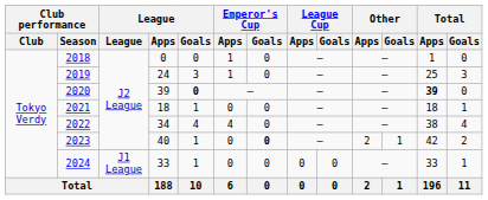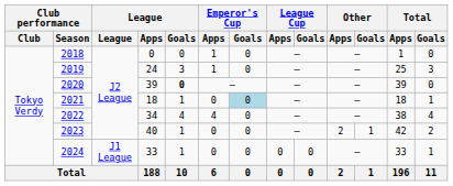 <table class="wikitable" style="text-align:center;">
 <tr>
 <th colspan="2">Club performance</th>
 <th colspan="3">League</th>
 <th colspan=2><a href='#'>Emperor's Cup</a></th>
 <th colspan=2><a href='#'>League Cup</a></th>
 <th colspan=2>Other</th>
 <th colspan=2>Total</th>
 </tr>
 <tr>
 <th>Club</th>
 <th>Season</th>
 <th>League</th>
 <th>Apps</th>
 <th>Goals</th>
 <th>Apps</th>
 <th>Goals</th>
 <th>Apps</th>
 <th>Goals</th>
 <th>Apps</th>
 <th>Goals</th>
 <th>Apps</th>
 <th>Goals</th>
 </tr>
 <tr>
 <td rowspan="7"><a href='#'>Tokyo Verdy</a></td>
 <td><a href='#'>2018</a></td>
 <td rowspan="6"><a href='#'>J2 League</a></td>
 <td>0</td>
 <td>0</td>
 <td>1</td>
 <td>0</td>
 <td colspan="2">–</td>
 <td colspan="2">–</td>
 <td>1</td>
 <td>0</td>
 </tr>
 <tr>
 <td><a href='#'>2019</a></td>
 <td>24</td>
 <td>3</td>
 <td>1</td>
 <td>0</td>
 <td colspan="2">–</td>
 <td colspan="2">–</td>
 <td>25</td>
 <td>3</td>
 </tr>
 <tr>
 <td><a href='#'>2020</a></td>
 <td>39</td>
 <td><strong>0</strong></td>
 <td colspan="2">–</td>
 <td colspan="2">–</td>
 <td colspan="2">–</td>
-<td><strong>39</strong></td>
+<td>39</td>
 <td>0</td>
 </tr>
 <tr>
 <td><a href='#'>2021</a></td>
 <td>18</td>
 <td>1</td>
 <td>0</td>
-<td>0</td>
+<td style="background: lightblue;">0</td>
 <td colspan="2">–</td>
 <td colspan="2">–</td>
 <td>18</td>
 <td>1</td>
 </tr>
 <tr>
 <td><a href='#'>2022</a></td>
 <td>34</td>
 <td>4</td>
 <td>4</td>
 <td>0</td>
 <td colspan="2">–</td>
 <td colspan="2">–</td>
 <td>38</td>
 <td>4</td>
 </tr>
 <tr>
 <td><a href='#'>2023</a></td>
 <td>40</td>
 <td>1</td>
 <td>0</td>
-<td><strong>0</strong></td>
+<td>0</td>
 <td colspan="2">–</td>
 <td>2</td>
 <td>1</td>
 <td>42</td>
 <td>2</td>
 </tr>
 <tr>
 <td><a href='#'>2024</a></td>
 <td><a href='#'>J1 League</a></td>
 <td>33</td>
 <td>1</td>
 <td>0</td>
 <td>0</td>
 <td>0</td>
 <td>0</td>
 <td colspan="2">–</td>
 <td>33</td>
 <td>1</td>
 </tr>
 <tr>
 <th colspan="3">Total</th>
 <th>188</th>
 <th>10</th>
 <th>6</th>
 <th>0</th>
 <th>0</th>
 <th>0</th>
 <th>2</th>
 <th>1</th>
 <th>196</th>
 <th>11</th>
 </tr>
 </table>
